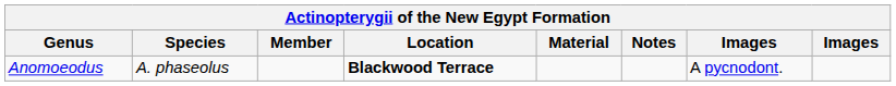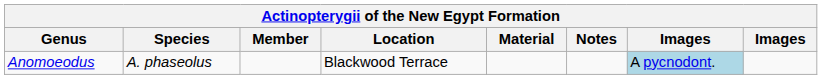 <table class="wikitable" width="100%" align="center">
 <tr>
 <th colspan="9" align="center"><strong><a href='#'>Actinopterygii</a> of the New Egypt Formation</strong></th>
 </tr>
 <tr>
 <th>Genus</th>
 <th>Species</th>
 <th>Member</th>
 <th>Location</th>
 <th>Material</th>
 <th>Notes</th>
 <th>Images</th>
 <th>Images</th>
 </tr>
 <tr>
 <td><em><a href='#'>Anomoeodus</a></em></td>
 <td><em>A. phaseolus</em></td>
 <td></td>
-<td><strong>Blackwood Terrace</strong></td>
+<td>Blackwood Terrace</td>
 <td></td>
 <td></td>
-<td>A <a href='#'>pycnodont</a>.</td>
+<td style="background: lightblue;">A <a href='#'>pycnodont</a>.</td>
 <td></td>
 </tr>
 </table>
